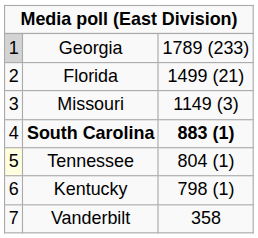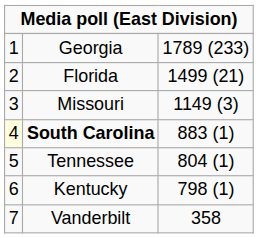 <table class="wikitable" style="display: inline-table;">
 <tr>
 <td align="center" Colspan="3"><strong>Media poll (East Division)</strong></td>
 </tr>
 <tr align="center">
 </tr>
 <tr align="center">
-<td style="background: lightgrey;">1</td>
+<td>1</td>
 <td>Georgia</td>
 <td>1789 (233)</td>
 </tr>
 <tr align="center">
 <td>2</td>
 <td>Florida</td>
 <td>1499 (21)</td>
 </tr>
 <tr align="center">
 <td>3</td>
 <td>Missouri</td>
 <td>1149 (3)</td>
 </tr>
 <tr align="center">
-<td>4</td>
+<td style="background: lightyellow;">4</td>
 <td><strong>South Carolina</strong></td>
-<td><strong>883 (1)</strong></td>
+<td>883 (1)</td>
 </tr>
 <tr align="center">
-<td style="background: lightyellow;">5</td>
+<td>5</td>
 <td>Tennessee</td>
 <td>804 (1)</td>
 </tr>
 <tr align="center">
 <td>6</td>
 <td>Kentucky</td>
 <td>798 (1)</td>
 </tr>
 <tr align="center">
 <td>7</td>
 <td>Vanderbilt</td>
 <td>358</td>
 </tr>
 </table>
